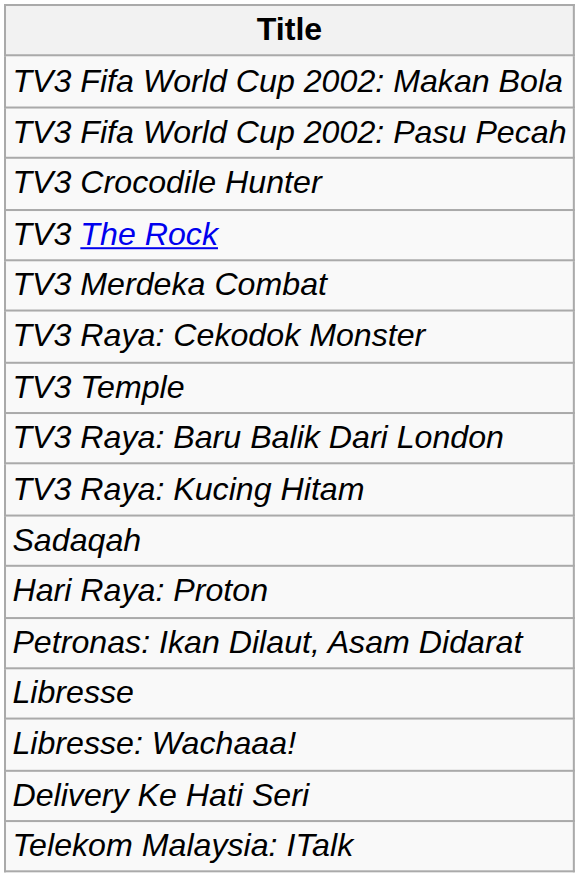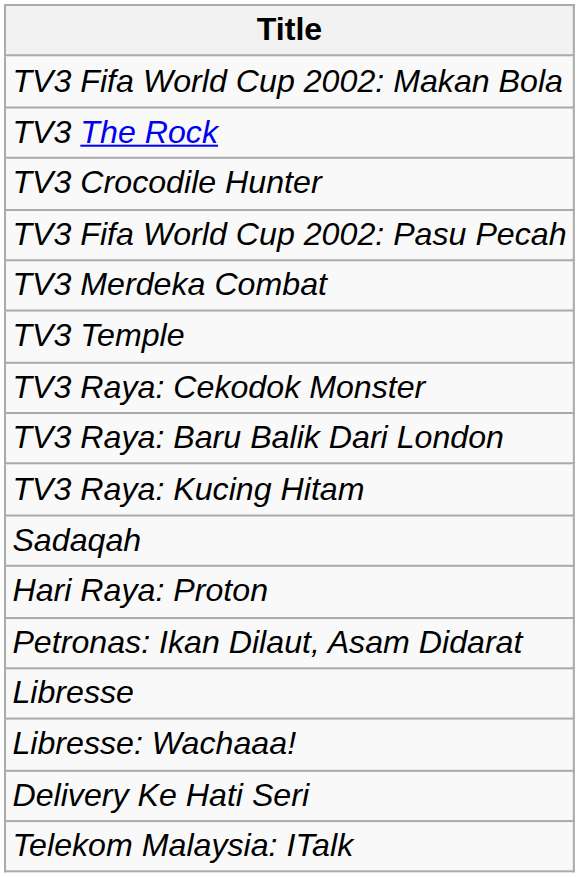 <table class="wikitable">
 <tr>
 <th>Title</th>
 </tr>
 <tr>
 <td><em>TV3 Fifa World Cup 2002: Makan Bola</em></td>
 </tr>
 <tr>
-<td><em>TV3 Fifa World Cup 2002: Pasu Pecah</em></td>
+<td><em>TV3 <a href='#'>The Rock</a></em></td>
 </tr>
 <tr>
 <td><em>TV3 Crocodile Hunter</em></td>
 </tr>
 <tr>
-<td><em>TV3 <a href='#'>The Rock</a></em></td>
+<td><em>TV3 Fifa World Cup 2002: Pasu Pecah</em></td>
 </tr>
 <tr>
 <td><em>TV3 Merdeka Combat</em></td>
 </tr>
 <tr>
-<td><em>TV3 Raya: Cekodok Monster</em></td>
+<td><em>TV3 Temple</em></td>
 </tr>
 <tr>
-<td><em>TV3 Temple</em></td>
+<td><em>TV3 Raya: Cekodok Monster</em></td>
 </tr>
 <tr>
 <td><em>TV3 Raya: Baru Balik Dari London</em></td>
 </tr>
 <tr>
 <td><em>TV3 Raya: Kucing Hitam</em></td>
 </tr>
 <tr>
 <td><em>Sadaqah</em></td>
 </tr>
 <tr>
 <td><em>Hari Raya: Proton</em></td>
 </tr>
 <tr>
 <td><em>Petronas: Ikan Dilaut, Asam Didarat</em></td>
 </tr>
 <tr>
 <td><em>Libresse</em></td>
 </tr>
 <tr>
 <td><em>Libresse: Wachaaa!</em></td>
 </tr>
 <tr>
 <td><em>Delivery Ke Hati Seri</em></td>
 </tr>
 <tr>
 <td><em>Telekom Malaysia: ITalk</em></td>
 </tr>
 </table>
